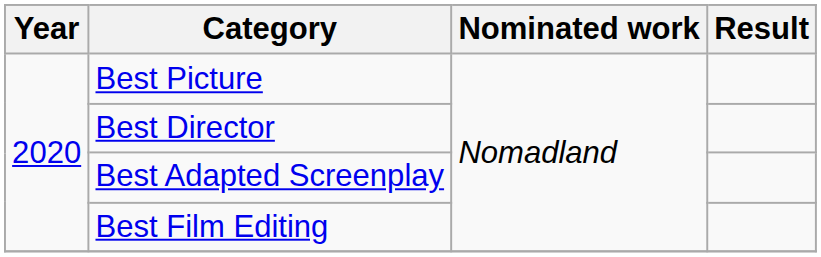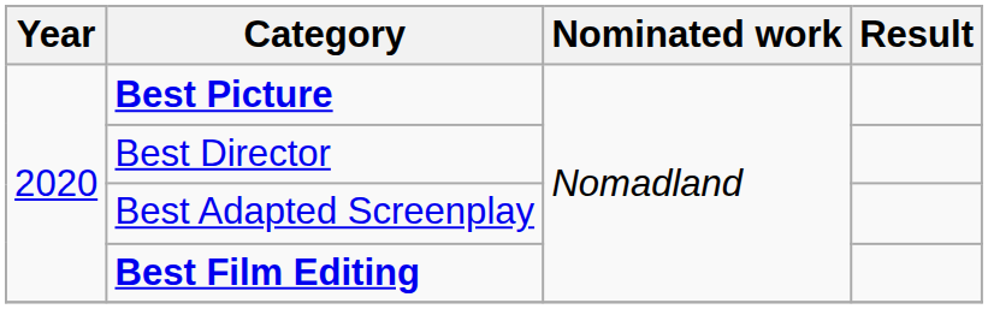 <table class="wikitable">
 <tr>
 <th>Year</th>
 <th>Category</th>
 <th>Nominated work</th>
 <th>Result</th>
 </tr>
 <tr>
 <td rowspan="4"><a href='#'>2020</a></td>
-<td><a href='#'>Best Picture</a></td>
+<td><strong><a href='#'>Best Picture</a></strong></td>
 <td rowspan=4><em>Nomadland</em></td>
 <td></td>
 </tr>
 <tr>
 <td><a href='#'>Best Director</a></td>
 <td></td>
 </tr>
 <tr>
 <td><a href='#'>Best Adapted Screenplay</a></td>
 <td></td>
 </tr>
 <tr>
-<td><a href='#'>Best Film Editing</a></td>
+<td><strong><a href='#'>Best Film Editing</a></strong></td>
 <td></td>
 </tr>
 <tr>
 </tr>
 </table>
